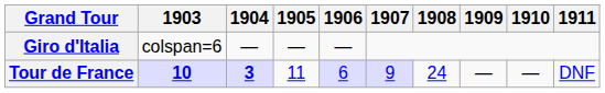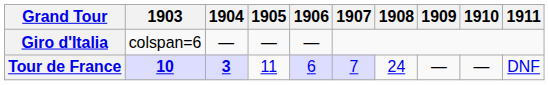 <table class="wikitable plainrowheaders">
 <tr>
 <th scope="col"><a href='#'>Grand Tour</a></th>
 <th scope="col">1903</th>
 <th scope="col">1904</th>
 <th scope="col">1905</th>
 <th scope="col">1906</th>
 <th scope="col">1907</th>
 <th scope="col">1908</th>
 <th scope="col">1909</th>
 <th scope="col">1910</th>
 <th scope="col">1911</th>
 </tr>
 <tr style="text-align:center;">
 <th scope="row"> <a href='#'>Giro d'Italia</a></th>
 <td>colspan=6 </td>
 <td>—</td>
 <td>—</td>
 <td>—</td>
 </tr>
 <tr style="text-align:center;">
 <th scope="row"> <a href='#'>Tour de France</a></th>
 <td style="text-align:center; background:#ddf;"><strong><a href='#'>10</a></strong></td>
 <td style="text-align:center; background:#ddf;"><a href='#'><strong>3</strong></a></td>
 <td style="text-align:center;"><a href='#'>11</a></td>
 <td style="text-align:center; background:#ddf;"><a href='#'>6</a></td>
-<td style="text-align:center; background:#ddf;"><a href='#'>9</a></td>
+<td style="text-align:center; background:#ddf;"><a href='#'>7</a></td>
 <td style="text-align:center;"><a href='#'>24</a></td>
 <td>—</td>
 <td>—</td>
 <td style="text-align:center;"><a href='#'>DNF</a></td>
 </tr>
 </table>
